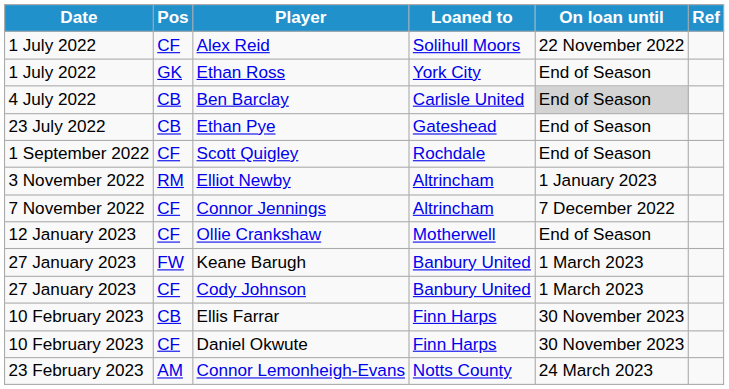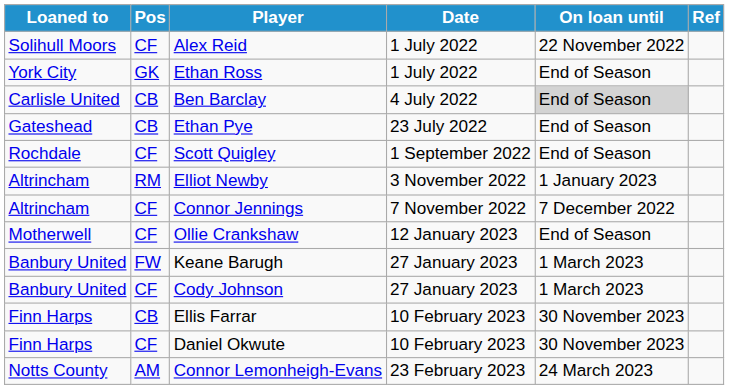 <table class="wikitable plainrowheaders sortable">
 <tr>
-<th style="background:#2191CC; color:#ffffff; ">Date</th>
+<th style="background:#2191CC; color:#ffffff; ">Loaned to</th>
 <th style="background:#2191CC; color:#ffffff; ">Pos</th>
 <th style="background:#2191CC; color:#ffffff; ">Player</th>
-<th style="background:#2191CC; color:#ffffff; ">Loaned to</th>
+<th style="background:#2191CC; color:#ffffff; ">Date</th>
 <th style="background:#2191CC; color:#ffffff; ">On loan until</th>
 <th style="background:#2191CC; color:#ffffff; ">Ref</th>
 </tr>
 <tr>
-<td>1 July 2022</td>
+<td> <a href='#'>Solihull Moors</a></td>
 <td><a href='#'>CF</a></td>
 <td> <a href='#'>Alex Reid</a></td>
-<td> <a href='#'>Solihull Moors</a></td>
+<td>1 July 2022</td>
 <td>22 November 2022</td>
 <td></td>
 </tr>
 <tr>
-<td>1 July 2022</td>
+<td> <a href='#'>York City</a></td>
 <td><a href='#'>GK</a></td>
 <td> <a href='#'>Ethan Ross</a></td>
-<td> <a href='#'>York City</a></td>
+<td>1 July 2022</td>
 <td>End of Season</td>
 <td></td>
 </tr>
 <tr>
-<td>4 July 2022</td>
+<td> <a href='#'>Carlisle United</a></td>
 <td><a href='#'>CB</a></td>
 <td> <a href='#'>Ben Barclay</a></td>
-<td> <a href='#'>Carlisle United</a></td>
+<td>4 July 2022</td>
 <td style="background: lightgrey;">End of Season</td>
 <td></td>
 </tr>
 <tr>
-<td>23 July 2022</td>
+<td> <a href='#'>Gateshead</a></td>
 <td><a href='#'>CB</a></td>
 <td> <a href='#'>Ethan Pye</a></td>
-<td> <a href='#'>Gateshead</a></td>
+<td>23 July 2022</td>
 <td>End of Season</td>
 <td></td>
 </tr>
 <tr>
-<td>1 September 2022</td>
+<td> <a href='#'>Rochdale</a></td>
 <td><a href='#'>CF</a></td>
 <td> <a href='#'>Scott Quigley</a></td>
-<td> <a href='#'>Rochdale</a></td>
+<td>1 September 2022</td>
 <td>End of Season</td>
 <td></td>
 </tr>
 <tr>
-<td>3 November 2022</td>
+<td> <a href='#'>Altrincham</a></td>
 <td><a href='#'>RM</a></td>
 <td> <a href='#'>Elliot Newby</a></td>
-<td> <a href='#'>Altrincham</a></td>
+<td>3 November 2022</td>
 <td>1 January 2023</td>
 <td></td>
 </tr>
 <tr>
-<td>7 November 2022</td>
+<td> <a href='#'>Altrincham</a></td>
 <td><a href='#'>CF</a></td>
 <td> <a href='#'>Connor Jennings</a></td>
-<td> <a href='#'>Altrincham</a></td>
+<td>7 November 2022</td>
 <td>7 December 2022</td>
 <td></td>
 </tr>
 <tr>
-<td>12 January 2023</td>
+<td> <a href='#'>Motherwell</a></td>
 <td><a href='#'>CF</a></td>
 <td> <a href='#'>Ollie Crankshaw</a></td>
-<td> <a href='#'>Motherwell</a></td>
+<td>12 January 2023</td>
 <td>End of Season</td>
 <td></td>
 </tr>
 <tr>
-<td>27 January 2023</td>
+<td> <a href='#'>Banbury United</a></td>
 <td><a href='#'>FW</a></td>
 <td> Keane Barugh</td>
-<td> <a href='#'>Banbury United</a></td>
+<td>27 January 2023</td>
 <td>1 March 2023</td>
 <td></td>
 </tr>
 <tr>
-<td>27 January 2023</td>
+<td> <a href='#'>Banbury United</a></td>
 <td><a href='#'>CF</a></td>
 <td> <a href='#'>Cody Johnson</a></td>
-<td> <a href='#'>Banbury United</a></td>
+<td>27 January 2023</td>
 <td>1 March 2023</td>
 <td></td>
 </tr>
 <tr>
-<td>10 February 2023</td>
+<td> <a href='#'>Finn Harps</a></td>
 <td><a href='#'>CB</a></td>
 <td> Ellis Farrar</td>
-<td> <a href='#'>Finn Harps</a></td>
+<td>10 February 2023</td>
 <td>30 November 2023</td>
 <td></td>
 </tr>
 <tr>
-<td>10 February 2023</td>
+<td> <a href='#'>Finn Harps</a></td>
 <td><a href='#'>CF</a></td>
 <td> Daniel Okwute</td>
-<td> <a href='#'>Finn Harps</a></td>
+<td>10 February 2023</td>
 <td>30 November 2023</td>
 <td></td>
 </tr>
 <tr>
-<td>23 February 2023</td>
+<td> <a href='#'>Notts County</a></td>
 <td><a href='#'>AM</a></td>
 <td> <a href='#'>Connor Lemonheigh-Evans</a></td>
-<td> <a href='#'>Notts County</a></td>
+<td>23 February 2023</td>
 <td>24 March 2023</td>
 <td></td>
 </tr>
 </table>
